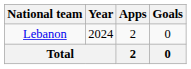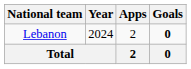 <table class="wikitable" style="text-align:center">
 <tr>
 <th>National team</th>
 <th>Year</th>
 <th>Apps</th>
 <th>Goals</th>
 </tr>
 <tr>
 <td rowspan="1"><a href='#'>Lebanon</a></td>
 <td>2024</td>
 <td>2</td>
-<td>0</td>
+<td><strong>0</strong></td>
 </tr>
 <tr>
 <th colspan="2">Total</th>
 <th>2</th>
 <th>0</th>
 </tr>
 </table>
